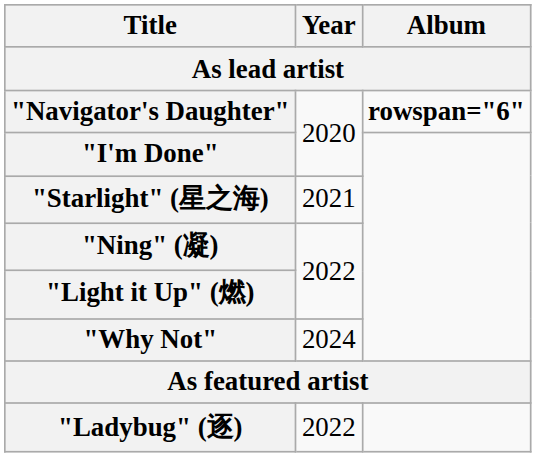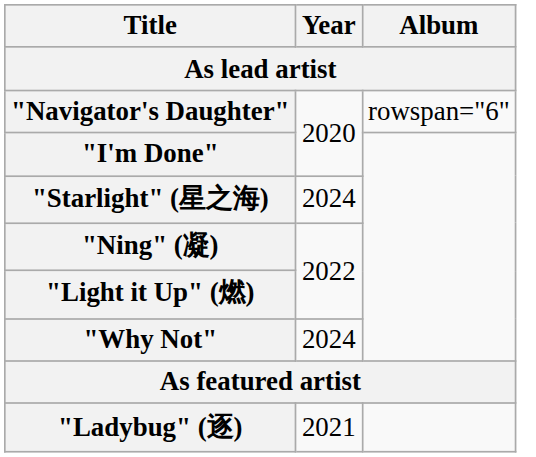 <table class="wikitable plainrowheaders" style="text-align:center;">
 <tr>
 <th scope="col">Title</th>
 <th scope="col">Year</th>
 <th scope="col">Album</th>
 </tr>
 <tr>
 <th colspan="3">As lead artist</th>
 </tr>
 <tr>
 <th scope="row">"Navigator's Daughter" </th>
 <td rowspan="2">2020</td>
-<td><strong>rowspan="6" </strong></td>
+<td>rowspan="6" </td>
 </tr>
 <tr>
 <th scope="row">"I'm Done"</th>
 </tr>
 <tr>
 <th scope="row">"Starlight" (星之海)</th>
-<td>2021</td>
+<td>2024</td>
 </tr>
 <tr>
 <th scope="row">"Ning" (凝)</th>
 <td rowspan="2">2022</td>
 </tr>
 <tr>
 <th scope="row">"Light it Up" (燃)</th>
 </tr>
 <tr>
 <th scope="row">"Why Not"</th>
 <td>2024</td>
 </tr>
 <tr>
 <th colspan="3">As featured artist</th>
 </tr>
 <tr>
 <th scope="row">"Ladybug" (逐) </th>
-<td>2022</td>
+<td>2021</td>
 <td></td>
 </tr>
 </table>
